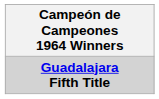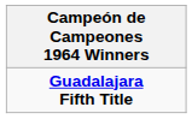 <table class="wikitable" style="text-align: center; margin: 0 auto; width: 20%">
 <tr>
 <th>Campeón de Campeones <br>1964 Winners</th>
 </tr>
 <tr>
-<td style="background: lightgrey;"><strong><a href='#'>Guadalajara</a></strong><br><strong>Fifth Title</strong></td>
+<td><strong><a href='#'>Guadalajara</a></strong><br><strong>Fifth Title</strong></td>
 </tr>
 </table>
